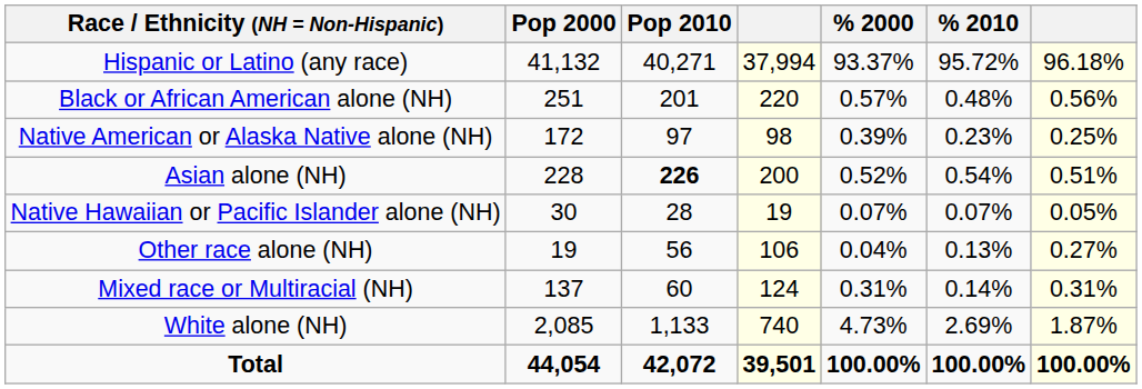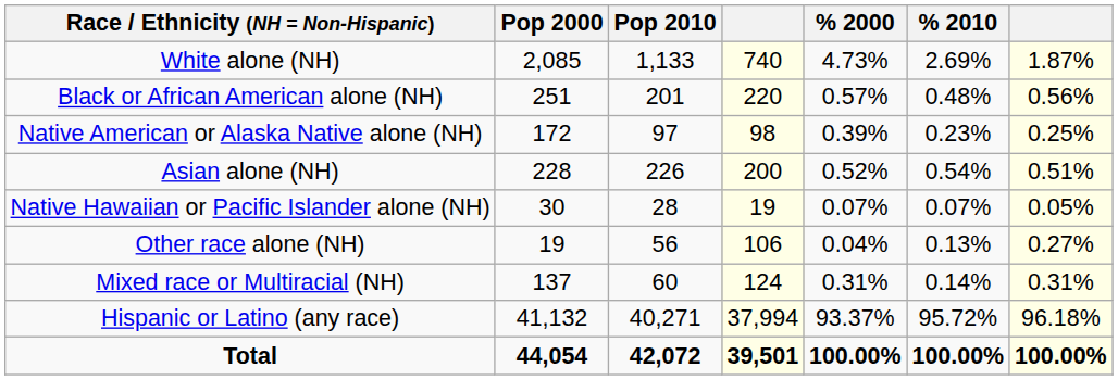 <table class="wikitable" style="text-align:center;">
 <tr>
 <th>Race / Ethnicity <small>(<em>NH = Non-Hispanic</em>)</small></th>
 <th>Pop 2000</th>
 <th>Pop 2010</th>
 <th></th>
 <th>% 2000</th>
 <th>% 2010</th>
 <th></th>
 </tr>
 <tr>
-<td><a href='#'>Hispanic or Latino</a> (any race)</td>
-<td>41,132</td>
-<td>40,271</td>
-<td style='background: #ffffe6;'>37,994</td>
-<td>93.37%</td>
-<td>95.72%</td>
-<td style='background: #ffffe6;'>96.18%</td>
+<td><a href='#'>White</a> alone (NH)</td>
+<td>2,085</td>
+<td>1,133</td>
+<td style='background: #ffffe6;'>740</td>
+<td>4.73%</td>
+<td>2.69%</td>
+<td style='background: #ffffe6;'>1.87%</td>
 </tr>
 <tr>
 <td><a href='#'>Black or African American</a> alone (NH)</td>
 <td>251</td>
 <td>201</td>
 <td style='background: #ffffe6;'>220</td>
 <td>0.57%</td>
 <td>0.48%</td>
 <td style='background: #ffffe6;'>0.56%</td>
 </tr>
 <tr>
 <td><a href='#'>Native American</a> or <a href='#'>Alaska Native</a> alone (NH)</td>
 <td>172</td>
 <td>97</td>
 <td style='background: #ffffe6;'>98</td>
 <td>0.39%</td>
 <td>0.23%</td>
 <td style='background: #ffffe6;'>0.25%</td>
 </tr>
 <tr>
 <td><a href='#'>Asian</a> alone (NH)</td>
 <td>228</td>
-<td><strong>226</strong></td>
+<td>226</td>
 <td style='background: #ffffe6;'>200</td>
 <td>0.52%</td>
 <td>0.54%</td>
 <td style='background: #ffffe6;'>0.51%</td>
 </tr>
 <tr>
 <td><a href='#'>Native Hawaiian</a> or <a href='#'>Pacific Islander</a> alone (NH)</td>
 <td>30</td>
 <td>28</td>
 <td style='background: #ffffe6;'>19</td>
 <td>0.07%</td>
 <td>0.07%</td>
 <td style='background: #ffffe6;'>0.05%</td>
 </tr>
 <tr>
 <td><a href='#'>Other race</a> alone (NH)</td>
 <td>19</td>
 <td>56</td>
 <td style='background: #ffffe6;'>106</td>
 <td>0.04%</td>
 <td>0.13%</td>
 <td style='background: #ffffe6;'>0.27%</td>
 </tr>
 <tr>
 <td><a href='#'>Mixed race or Multiracial</a> (NH)</td>
 <td>137</td>
 <td>60</td>
 <td style='background: #ffffe6;'>124</td>
 <td>0.31%</td>
 <td>0.14%</td>
 <td style='background: #ffffe6;'>0.31%</td>
 </tr>
 <tr>
-<td><a href='#'>White</a> alone (NH)</td>
-<td>2,085</td>
-<td>1,133</td>
-<td style='background: #ffffe6;'>740</td>
-<td>4.73%</td>
-<td>2.69%</td>
-<td style='background: #ffffe6;'>1.87%</td>
+<td><a href='#'>Hispanic or Latino</a> (any race)</td>
+<td>41,132</td>
+<td>40,271</td>
+<td style='background: #ffffe6;'>37,994</td>
+<td>93.37%</td>
+<td>95.72%</td>
+<td style='background: #ffffe6;'>96.18%</td>
 </tr>
 <tr>
 <td><strong>Total</strong></td>
 <td><strong>44,054</strong></td>
 <td><strong>42,072</strong></td>
 <td style='background: #ffffe6;'><strong>39,501</strong></td>
 <td><strong>100.00%</strong></td>
 <td><strong>100.00%</strong></td>
 <td style='background: #ffffe6;'><strong>100.00%</strong></td>
 </tr>
 </table>
